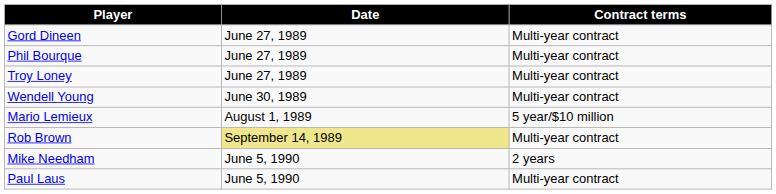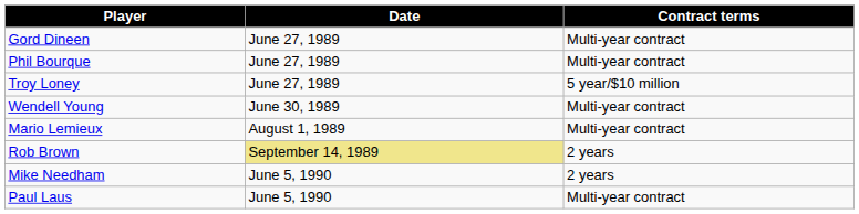 <table class="wikitable" style="width:75%;">
 <tr style="text-align:center; background:#ddd;">
 <th style="color:white; background:#000000; ">Player</th>
 <th style="color:white; background:#000000; ">Date</th>
 <th style="color:white; background:#000000; ">Contract terms</th>
 </tr>
 <tr>
 <td><a href='#'>Gord Dineen</a></td>
 <td>June 27, 1989</td>
 <td>Multi-year contract</td>
 </tr>
 <tr>
 <td><a href='#'>Phil Bourque</a></td>
 <td>June 27, 1989</td>
 <td>Multi-year contract</td>
 </tr>
 <tr>
 <td><a href='#'>Troy Loney</a></td>
 <td>June 27, 1989</td>
-<td>Multi-year contract</td>
+<td>5 year/$10 million</td>
 </tr>
 <tr>
 <td><a href='#'>Wendell Young</a></td>
 <td>June 30, 1989</td>
 <td>Multi-year contract</td>
 </tr>
 <tr>
 <td><a href='#'>Mario Lemieux</a></td>
 <td>August 1, 1989</td>
-<td>5 year/$10 million</td>
+<td>Multi-year contract</td>
 </tr>
 <tr>
 <td><a href='#'>Rob Brown</a></td>
 <td style="background: khaki;">September 14, 1989</td>
-<td>Multi-year contract</td>
+<td>2 years</td>
 </tr>
 <tr>
 <td><a href='#'>Mike Needham</a></td>
 <td>June 5, 1990</td>
 <td>2 years</td>
 </tr>
 <tr>
 <td><a href='#'>Paul Laus</a></td>
 <td>June 5, 1990</td>
 <td>Multi-year contract</td>
 </tr>
 </table>
